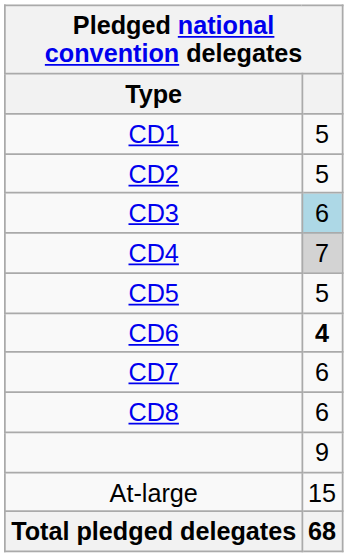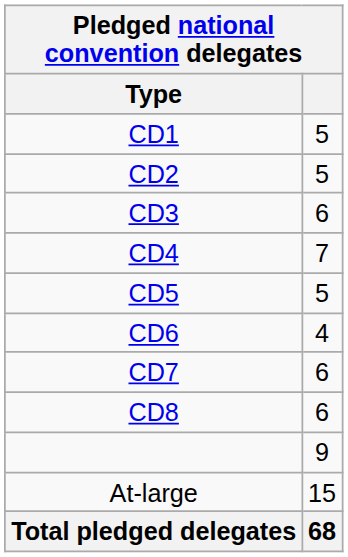 <table class="wikitable sortable" style="font-size:90%;text-align:center;float:right;padding:5px;">
 <tr>
 <th colspan="2">Pledged <a href='#'>national<br>convention</a> delegates</th>
 </tr>
 <tr>
 <th>Type</th>
 <th></th>
 </tr>
 <tr>
 <td><a href='#'>CD1</a></td>
 <td>5</td>
 </tr>
 <tr>
 <td><a href='#'>CD2</a></td>
 <td>5</td>
 </tr>
 <tr>
 <td><a href='#'>CD3</a></td>
-<td style="background: lightblue;">6</td>
+<td>6</td>
 </tr>
 <tr>
 <td><a href='#'>CD4</a></td>
-<td style="background: lightgrey;">7</td>
+<td>7</td>
 </tr>
 <tr>
 <td><a href='#'>CD5</a></td>
 <td>5</td>
 </tr>
 <tr>
 <td><a href='#'>CD6</a></td>
-<td><strong>4</strong></td>
+<td>4</td>
 </tr>
 <tr>
 <td><a href='#'>CD7</a></td>
 <td>6</td>
 </tr>
 <tr>
 <td><a href='#'>CD8</a></td>
 <td>6</td>
 </tr>
 <tr>
 <td></td>
 <td>9</td>
 </tr>
 <tr>
 <td>At-large</td>
 <td>15</td>
 </tr>
 <tr>
 <th>Total pledged delegates</th>
 <th>68</th>
 </tr>
 </table>
